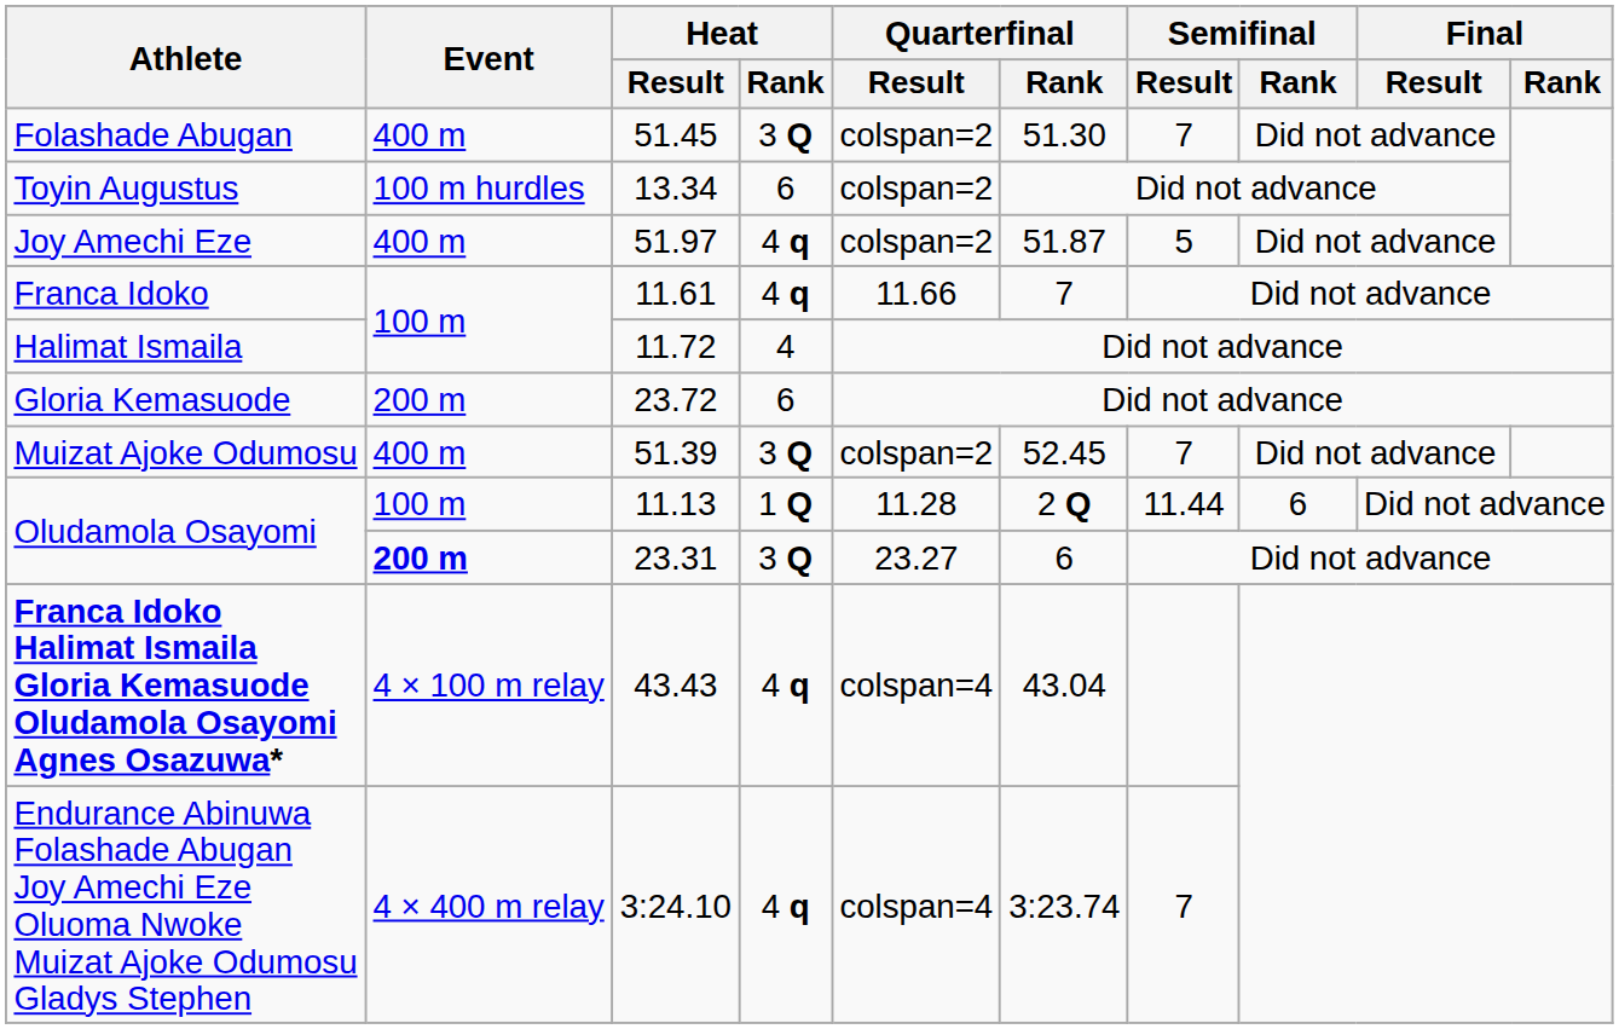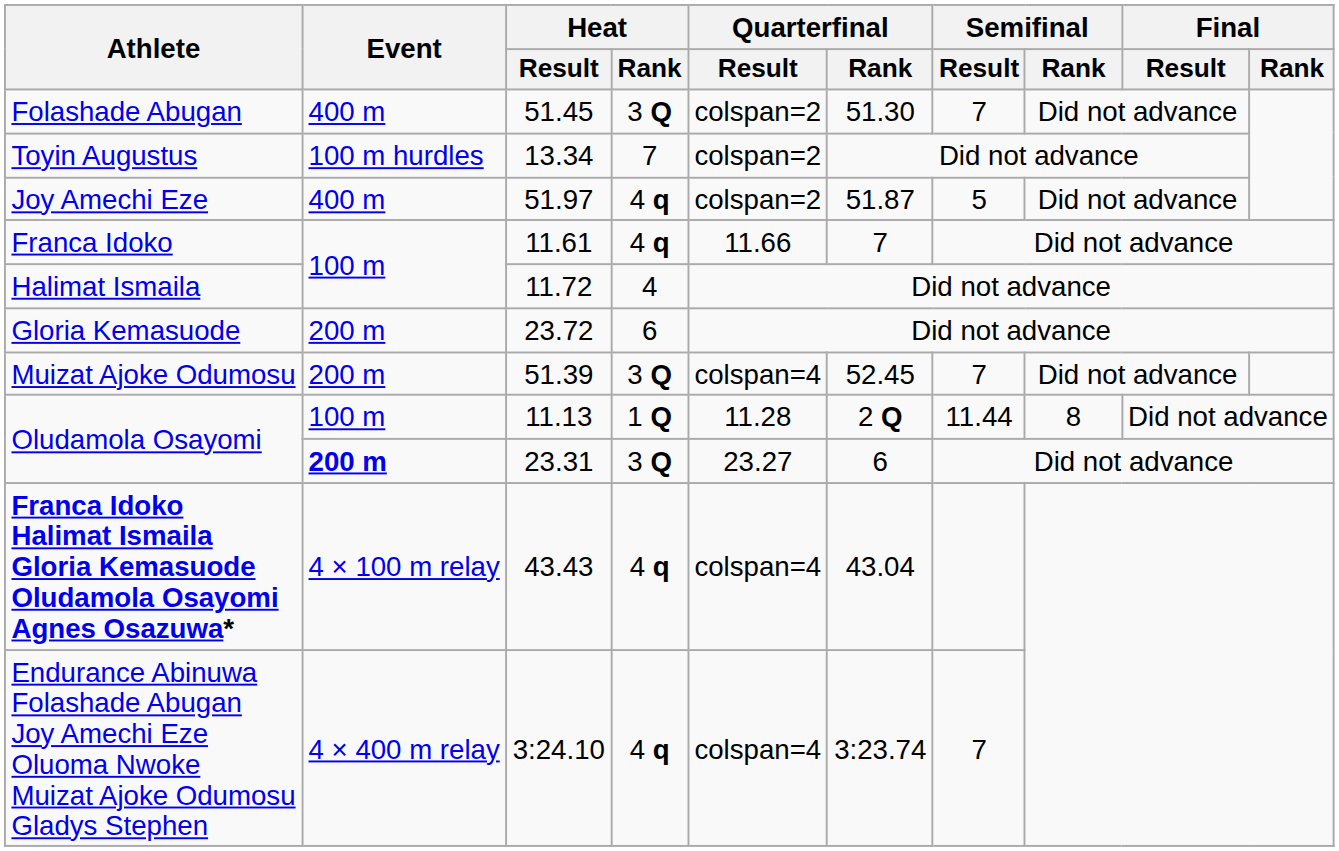 <table class=wikitable style="font-size:90%">
 <tr>
 <th rowspan="2">Athlete</th>
 <th rowspan="2">Event</th>
 <th colspan="2">Heat</th>
 <th colspan="2">Quarterfinal</th>
 <th colspan="2">Semifinal</th>
 <th colspan="2">Final</th>
 </tr>
 <tr style="font-size:95%">
 <th>Result</th>
 <th>Rank</th>
 <th>Result</th>
 <th>Rank</th>
 <th>Result</th>
 <th>Rank</th>
 <th>Result</th>
 <th>Rank</th>
 </tr>
 <tr align=center>
 <td align=left><a href='#'>Folashade Abugan</a></td>
 <td align=left><a href='#'>400 m</a></td>
 <td>51.45</td>
 <td>3 <strong>Q</strong></td>
 <td>colspan=2 </td>
 <td>51.30</td>
 <td>7</td>
 <td colspan=2>Did not advance</td>
 </tr>
 <tr align=center>
 <td align=left><a href='#'>Toyin Augustus</a></td>
 <td align=left><a href='#'>100 m hurdles</a></td>
 <td>13.34</td>
-<td>6</td>
+<td>7</td>
 <td>colspan=2 </td>
 <td colspan=4>Did not advance</td>
 </tr>
 <tr align=center>
 <td align=left><a href='#'>Joy Amechi Eze</a></td>
 <td align=left><a href='#'>400 m</a></td>
 <td>51.97</td>
 <td>4 <strong>q</strong></td>
 <td>colspan=2 </td>
 <td>51.87</td>
 <td>5</td>
 <td colspan=2>Did not advance</td>
 </tr>
 <tr align=center>
 <td align=left><a href='#'>Franca Idoko</a></td>
 <td align=left rowspan=2><a href='#'>100 m</a></td>
 <td>11.61</td>
 <td>4 <strong>q</strong></td>
 <td>11.66</td>
 <td>7</td>
 <td colspan=4>Did not advance</td>
 </tr>
 <tr align=center>
 <td align=left><a href='#'>Halimat Ismaila</a></td>
 <td>11.72</td>
 <td>4</td>
 <td colspan=6>Did not advance</td>
 </tr>
 <tr align=center>
 <td align=left><a href='#'>Gloria Kemasuode</a></td>
 <td align=left><a href='#'>200 m</a></td>
 <td>23.72</td>
 <td>6</td>
 <td colspan=6>Did not advance</td>
 </tr>
 <tr align=center>
 <td align=left><a href='#'>Muizat Ajoke Odumosu</a></td>
-<td align=left><a href='#'>400 m</a></td>
+<td align=left><a href='#'>200 m</a></td>
 <td>51.39</td>
 <td>3 <strong>Q</strong></td>
-<td>colspan=2 </td>
+<td>colspan=4 </td>
 <td>52.45</td>
 <td>7</td>
 <td colspan=2>Did not advance</td>
 </tr>
 <tr align=center>
 <td align=left rowspan=2><a href='#'>Oludamola Osayomi</a></td>
 <td align=left><a href='#'>100 m</a></td>
 <td>11.13</td>
 <td>1 <strong>Q</strong></td>
 <td>11.28</td>
 <td>2 <strong>Q</strong></td>
 <td>11.44</td>
-<td>6</td>
+<td>8</td>
 <td colspan=2>Did not advance</td>
 </tr>
 <tr align=center>
 <td align=left><strong><a href='#'>200 m</a></strong></td>
 <td>23.31</td>
 <td>3 <strong>Q</strong></td>
 <td>23.27</td>
 <td>6</td>
 <td colspan=4>Did not advance</td>
 </tr>
 <tr align=center>
 <td align=left><strong><a href='#'>Franca Idoko</a><br><a href='#'>Halimat Ismaila</a><br><a href='#'>Gloria Kemasuode</a><br><a href='#'>Oludamola Osayomi</a><br><a href='#'>Agnes Osazuwa</a>*</strong></td>
 <td align=left><a href='#'>4 × 100 m relay</a></td>
 <td>43.43</td>
 <td>4 <strong>q</strong></td>
 <td>colspan=4 </td>
 <td>43.04</td>
 <td></td>
 </tr>
 <tr align=center>
 <td align=left><a href='#'>Endurance Abinuwa</a><br><a href='#'>Folashade Abugan</a><br><a href='#'>Joy Amechi Eze</a><br><a href='#'>Oluoma Nwoke</a><br><a href='#'>Muizat Ajoke Odumosu</a><br><a href='#'>Gladys Stephen</a></td>
 <td align=left><a href='#'>4 × 400 m relay</a></td>
 <td>3:24.10</td>
 <td>4 <strong>q</strong></td>
 <td>colspan=4 </td>
 <td>3:23.74</td>
 <td>7</td>
 </tr>
 </table>
